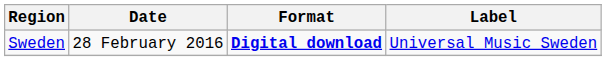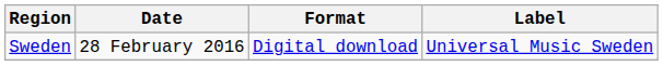 <table class=wikitable>
 <tr>
 <th>Region</th>
 <th>Date</th>
 <th>Format</th>
 <th>Label</th>
 </tr>
 <tr>
 <td><a href='#'>Sweden</a></td>
 <td>28 February 2016</td>
-<td><strong><a href='#'>Digital download</a></strong></td>
+<td><a href='#'>Digital download</a></td>
 <td><a href='#'>Universal Music Sweden</a></td>
 </tr>
 <tr>
 </tr>
 </table>
